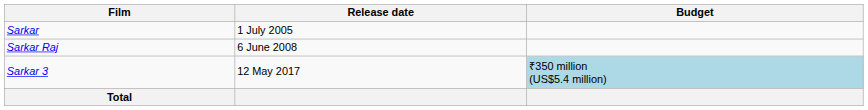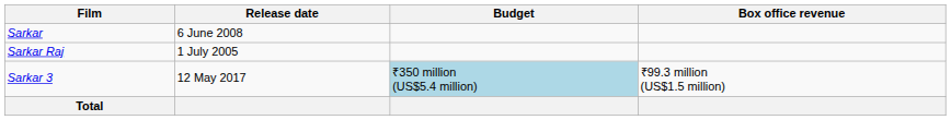 <table class="wikitable" style="width:100%;">
 <tr>
 <th style="text-align:center;">Film</th>
 <th style="text-align:center;">Release date</th>
 <th style="text-align:center;">Budget</th>
+<th style="text-align:center;">Box office revenue</th>
 </tr>
 <tr>
 <td><em><a href='#'>Sarkar</a></em></td>
-<td>1 July 2005</td>
+<td>6 June 2008</td>
+<td></td>
 <td></td>
 </tr>
 <tr>
 <td><em><a href='#'>Sarkar Raj</a></em></td>
-<td>6 June 2008</td>
+<td>1 July 2005</td>
+<td></td>
 <td></td>
 </tr>
 <tr>
 <td><em><a href='#'>Sarkar 3</a></em></td>
 <td>12 May 2017</td>
 <td style="background: lightblue;">₹350 million<br>(US$5.4 million) </td>
+<td>₹99.3 million<br>(US$1.5 million)</td>
 </tr>
 <tr>
 <th style="text-align:center;">Total</th>
 <th style="text-align:center;"></th>
 <th style="text-align:center;"><br></th>
+<th style="text-align:center;"><br></th>
 </tr>
 </table>
